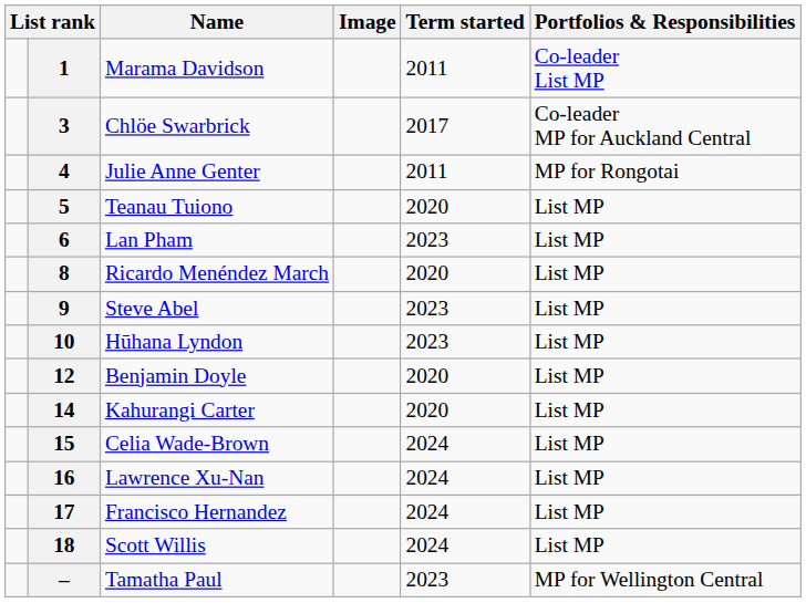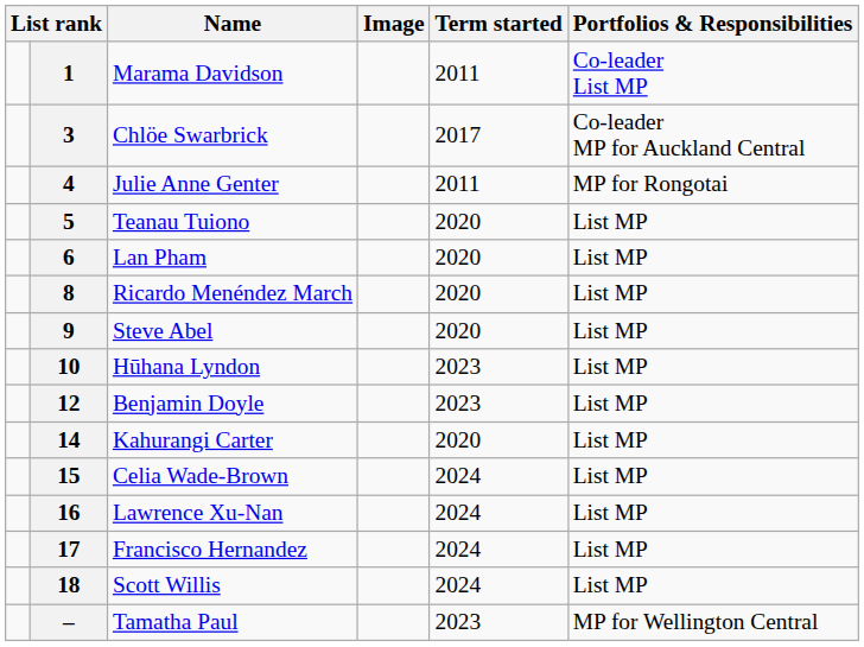 <table class="wikitable">
 <tr>
 <th colspan="2">List rank</th>
 <th>Name</th>
 <th>Image</th>
 <th>Term started</th>
 <th>Portfolios & Responsibilities</th>
 </tr>
 <tr>
 <td style="background:"></td>
 <th>1</th>
 <td><a href='#'>Marama Davidson</a></td>
 <td></td>
 <td>2011</td>
 <td><a href='#'>Co-leader</a><br><a href='#'>List MP</a></td>
 </tr>
 <tr>
 <td style="background:"></td>
 <th>3</th>
 <td><a href='#'>Chlöe Swarbrick</a></td>
 <td></td>
 <td>2017</td>
 <td>Co-leader<br>MP for Auckland Central</td>
 </tr>
 <tr>
 <td style="background:"></td>
 <th>4</th>
 <td><a href='#'>Julie Anne Genter</a></td>
 <td></td>
 <td>2011</td>
 <td>MP for Rongotai</td>
 </tr>
 <tr>
 <td style="background:"></td>
 <th>5</th>
 <td><a href='#'>Teanau Tuiono</a></td>
 <td></td>
 <td>2020</td>
 <td>List MP</td>
 </tr>
 <tr>
 <td style="background:"></td>
 <th>6</th>
 <td><a href='#'>Lan Pham</a></td>
 <td></td>
-<td>2023</td>
+<td>2020</td>
 <td>List MP</td>
 </tr>
 <tr>
 <td style="background:"></td>
 <th>8</th>
 <td><a href='#'>Ricardo Menéndez March</a></td>
 <td></td>
 <td>2020</td>
 <td>List MP</td>
 </tr>
 <tr>
 <td style="background:"></td>
 <th>9</th>
 <td><a href='#'>Steve Abel</a></td>
 <td></td>
-<td>2023</td>
+<td>2020</td>
 <td>List MP</td>
 </tr>
 <tr>
 <td style="background:"></td>
 <th>10</th>
 <td><a href='#'>Hūhana Lyndon</a></td>
 <td></td>
 <td>2023</td>
 <td>List MP</td>
 </tr>
 <tr>
 <td style="background:"></td>
 <th>12</th>
 <td><a href='#'>Benjamin Doyle</a></td>
 <td></td>
-<td>2020</td>
+<td>2023</td>
 <td>List MP</td>
 </tr>
 <tr>
 <td style="background:"></td>
 <th>14</th>
 <td><a href='#'>Kahurangi Carter</a></td>
 <td></td>
 <td>2020</td>
 <td>List MP</td>
 </tr>
 <tr>
 <td style="background:"></td>
 <th>15</th>
 <td><a href='#'>Celia Wade-Brown</a></td>
 <td></td>
 <td>2024</td>
 <td>List MP</td>
 </tr>
 <tr>
 <td style="background:"></td>
 <th>16</th>
 <td><a href='#'>Lawrence Xu-Nan</a></td>
 <td></td>
 <td>2024</td>
 <td>List MP</td>
 </tr>
 <tr>
 <td style="background:"></td>
 <th>17</th>
 <td><a href='#'>Francisco Hernandez</a></td>
 <td></td>
 <td>2024</td>
 <td>List MP</td>
 </tr>
 <tr>
 <td style="background:"></td>
 <th>18</th>
 <td><a href='#'>Scott Willis</a></td>
 <td></td>
 <td>2024</td>
 <td>List MP</td>
 </tr>
 <tr>
 <td style="background:"></td>
 <th>–</th>
 <td><a href='#'>Tamatha Paul</a></td>
 <td></td>
 <td>2023</td>
 <td>MP for Wellington Central</td>
 </tr>
 </table>
